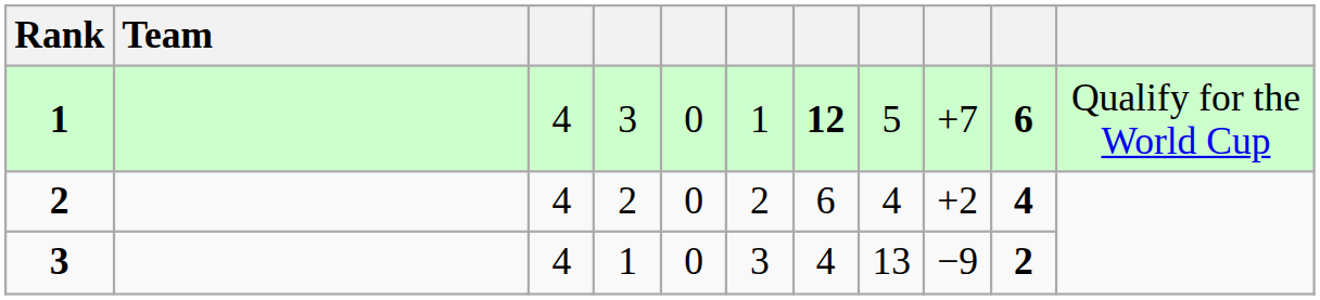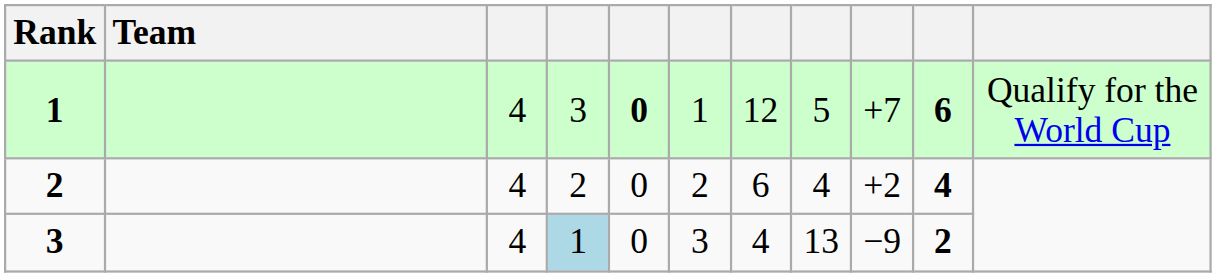 <table class="wikitable" style="text-align:center">
 <tr>
 <th width=30>Rank</th>
 <th width=165 style="text-align:left">Team</th>
 <th width=20></th>
 <th width=20></th>
 <th width=20></th>
 <th width=20></th>
 <th width=20></th>
 <th width=20></th>
 <th width=20></th>
 <th width=20></th>
 <th width=100></th>
 </tr>
 <tr bgcolor="#ccffcc">
 <td><strong>1</strong></td>
 <td align="left"></td>
 <td>4</td>
 <td>3</td>
-<td>0</td>
+<td><strong>0</strong></td>
 <td>1</td>
-<td><strong>12</strong></td>
+<td>12</td>
 <td>5</td>
 <td>+7</td>
 <td><strong>6</strong></td>
 <td col_=green1>Qualify for the <a href='#'>World Cup</a></td>
 </tr>
 <tr>
 <td><strong>2</strong></td>
 <td align="left"></td>
 <td>4</td>
 <td>2</td>
 <td>0</td>
 <td>2</td>
 <td>6</td>
 <td>4</td>
 <td>+2</td>
 <td><strong>4</strong></td>
 </tr>
 <tr>
 <td><strong>3</strong></td>
 <td align="left"></td>
 <td>4</td>
-<td>1</td>
+<td style="background: lightblue;">1</td>
 <td>0</td>
 <td>3</td>
 <td>4</td>
 <td>13</td>
 <td>−9</td>
 <td><strong>2</strong></td>
 </tr>
 </table>
